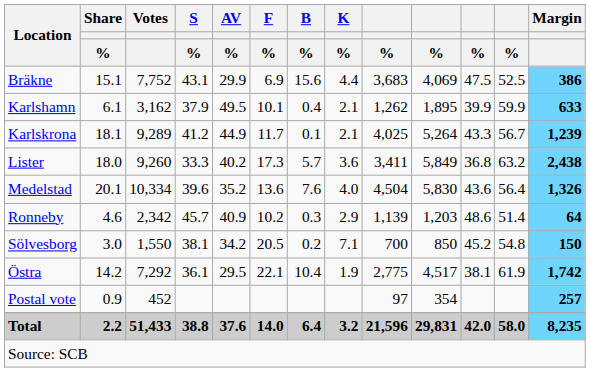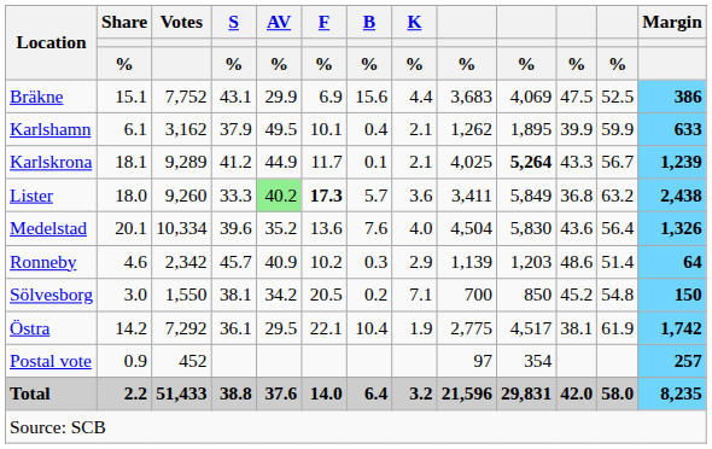 <table class="wikitable sortable" style="text-align:right; font-size:95%; line-height:20px;">
 <tr>
 <th rowspan="3">Location</th>
 <th>Share</th>
 <th>Votes</th>
 <th width="30px" class="unsortable"><a href='#'>S</a></th>
 <th width="30px" class="unsortable"><a href='#'>AV</a></th>
 <th width="30px" class="unsortable"><a href='#'>F</a></th>
 <th width="30px" class="unsortable"><a href='#'>B</a></th>
 <th width="30px" class="unsortable"><a href='#'>K</a></th>
 <th></th>
 <th></th>
 <th></th>
 <th></th>
 <th>Margin</th>
 </tr>
 <tr>
 <th></th>
 <th></th>
 <th style="background:"></th>
 <th style="background:"></th>
 <th style="background:"></th>
 <th style="background:"></th>
 <th style="background:"></th>
 <th style="background:"></th>
 <th style="background:"></th>
 <th style="background:"></th>
 <th style="background:"></th>
 <th></th>
 </tr>
 <tr>
 <th data-sort-type="number">%</th>
 <th></th>
 <th data-sort-type="number">%</th>
 <th data-sort-type="number">%</th>
 <th data-sort-type="number">%</th>
 <th data-sort-type="number">%</th>
 <th data-sort-type="number">%</th>
 <th data-sort-type="number">%</th>
 <th data-sort-type="number">%</th>
 <th data-sort-type="number">%</th>
 <th data-sort-type="number">%</th>
 <th></th>
 </tr>
 <tr>
 <td align=left><a href='#'>Bräkne</a></td>
 <td>15.1</td>
 <td>7,752</td>
 <td>43.1</td>
 <td>29.9</td>
 <td>6.9</td>
 <td>15.6</td>
 <td>4.4</td>
 <td>3,683</td>
 <td>4,069</td>
 <td>47.5</td>
 <td>52.5</td>
 <td bgcolor=#6fd5fe><strong>386</strong></td>
 </tr>
 <tr>
 <td align=left><a href='#'>Karlshamn</a></td>
 <td>6.1</td>
 <td>3,162</td>
 <td>37.9</td>
 <td>49.5</td>
 <td>10.1</td>
 <td>0.4</td>
 <td>2.1</td>
 <td>1,262</td>
 <td>1,895</td>
 <td>39.9</td>
 <td>59.9</td>
 <td bgcolor=#6fd5fe><strong>633</strong></td>
 </tr>
 <tr>
 <td align=left><a href='#'>Karlskrona</a></td>
 <td>18.1</td>
 <td>9,289</td>
 <td>41.2</td>
 <td>44.9</td>
 <td>11.7</td>
 <td>0.1</td>
 <td>2.1</td>
 <td>4,025</td>
-<td>5,264</td>
+<td><strong>5,264</strong></td>
 <td>43.3</td>
 <td>56.7</td>
 <td bgcolor=#6fd5fe><strong>1,239</strong></td>
 </tr>
 <tr>
 <td align=left><a href='#'>Lister</a></td>
 <td>18.0</td>
 <td>9,260</td>
 <td>33.3</td>
-<td>40.2</td>
-<td>17.3</td>
+<td style="background: lightgreen;">40.2</td>
+<td><strong>17.3</strong></td>
 <td>5.7</td>
 <td>3.6</td>
 <td>3,411</td>
 <td>5,849</td>
 <td>36.8</td>
 <td>63.2</td>
 <td bgcolor=#6fd5fe><strong>2,438</strong></td>
 </tr>
 <tr>
 <td align=left><a href='#'>Medelstad</a></td>
 <td>20.1</td>
 <td>10,334</td>
 <td>39.6</td>
 <td>35.2</td>
 <td>13.6</td>
 <td>7.6</td>
 <td>4.0</td>
 <td>4,504</td>
 <td>5,830</td>
 <td>43.6</td>
 <td>56.4</td>
 <td bgcolor=#6fd5fe><strong>1,326</strong></td>
 </tr>
 <tr>
 <td align=left><a href='#'>Ronneby</a></td>
 <td>4.6</td>
 <td>2,342</td>
 <td>45.7</td>
 <td>40.9</td>
 <td>10.2</td>
 <td>0.3</td>
 <td>2.9</td>
 <td>1,139</td>
 <td>1,203</td>
 <td>48.6</td>
 <td>51.4</td>
 <td bgcolor=#6fd5fe><strong>64</strong></td>
 </tr>
 <tr>
 <td align=left><a href='#'>Sölvesborg</a></td>
 <td>3.0</td>
 <td>1,550</td>
 <td>38.1</td>
 <td>34.2</td>
 <td>20.5</td>
 <td>0.2</td>
 <td>7.1</td>
 <td>700</td>
 <td>850</td>
 <td>45.2</td>
 <td>54.8</td>
 <td bgcolor=#6fd5fe><strong>150</strong></td>
 </tr>
 <tr>
 <td align=left><a href='#'>Östra</a></td>
 <td>14.2</td>
 <td>7,292</td>
 <td>36.1</td>
 <td>29.5</td>
 <td>22.1</td>
 <td>10.4</td>
 <td>1.9</td>
 <td>2,775</td>
 <td>4,517</td>
 <td>38.1</td>
 <td>61.9</td>
 <td bgcolor=#6fd5fe><strong>1,742</strong></td>
 </tr>
 <tr>
 <td align=left><a href='#'>Postal vote</a></td>
 <td>0.9</td>
 <td>452</td>
 <td></td>
 <td></td>
 <td></td>
 <td></td>
 <td></td>
 <td>97</td>
 <td>354</td>
 <td></td>
 <td></td>
 <td bgcolor=#6fd5fe><strong>257</strong></td>
 </tr>
 <tr>
 </tr>
 <tr style="background:#CDCDCD;">
 <td align=left><strong>Total</strong></td>
 <td><strong>2.2</strong></td>
 <td><strong>51,433</strong></td>
 <td><strong>38.8</strong></td>
 <td><strong>37.6</strong></td>
 <td><strong>14.0</strong></td>
 <td><strong>6.4</strong></td>
 <td><strong>3.2</strong></td>
 <td><strong>21,596</strong></td>
 <td><strong>29,831</strong></td>
 <td><strong>42.0</strong></td>
 <td><strong>58.0</strong></td>
 <td bgcolor=#6fd5fe><strong>8,235</strong></td>
 </tr>
 <tr>
 <td align=left colspan=13>Source: SCB </td>
 </tr>
 </table>
